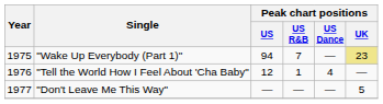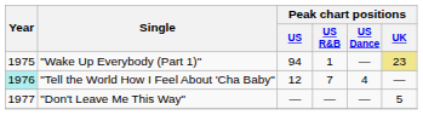 <table class="wikitable" style="text-align:center;">
 <tr>
 <th rowspan="2">Year</th>
 <th rowspan="2">Single</th>
 <th colspan="4">Peak chart positions</th>
 </tr>
 <tr style="font-size:smaller;">
 <th width="40"><a href='#'>US</a><br></th>
 <th width="40"><a href='#'>US<br>R&B</a><br></th>
 <th width="40"><a href='#'>US<br>Dance</a><br></th>
 <th width="40"><a href='#'>UK</a><br></th>
 </tr>
 <tr>
 <td rowspan="1">1975</td>
 <td align="left">"Wake Up Everybody (Part 1)"</td>
 <td>94</td>
-<td>7</td>
+<td>1</td>
 <td>—</td>
 <td style="background: khaki;">23</td>
 </tr>
 <tr>
-<td rowspan="1">1976</td>
+<td rowspan="1" style="background: paleturquoise;">1976</td>
 <td align="left">"Tell the World How I Feel About 'Cha Baby"</td>
 <td>12</td>
-<td>1</td>
+<td>7</td>
 <td>4</td>
 <td>—</td>
 </tr>
 <tr>
 <td rowspan="1">1977</td>
 <td align="left">"Don't Leave Me This Way"</td>
 <td>—</td>
 <td>—</td>
 <td>—</td>
 <td>5</td>
 </tr>
 <tr>
 </tr>
 </table>
